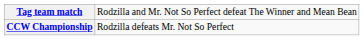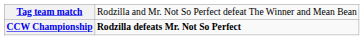 <table class="wikitable" border="1">
 <tr>
 <th><a href='#'>Tag team match</a></th>
 <td>Rodzilla and Mr. Not So Perfect defeat The Winner and Mean Bean</td>
 </tr>
 <tr>
 <th><a href='#'>CCW Championship</a></th>
-<td>Rodzilla defeats Mr. Not So Perfect</td>
+<td><strong>Rodzilla defeats Mr. Not So Perfect</strong></td>
 </tr>
 </table>
